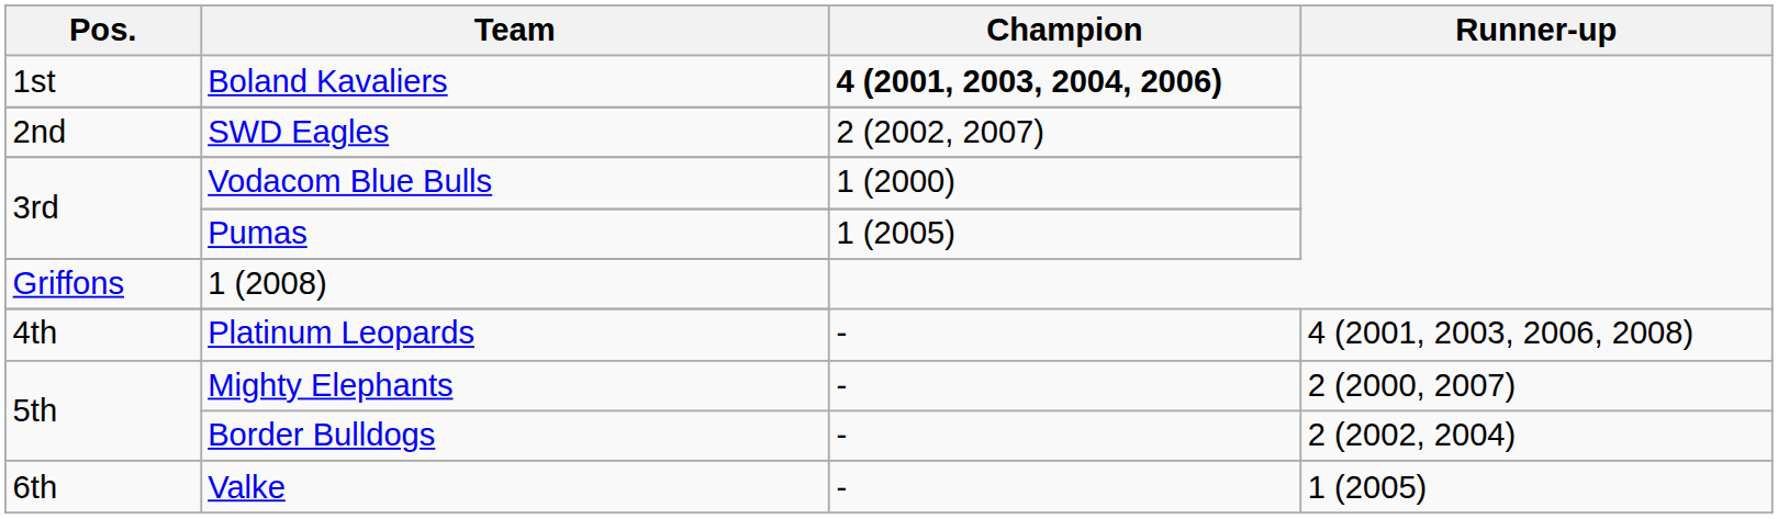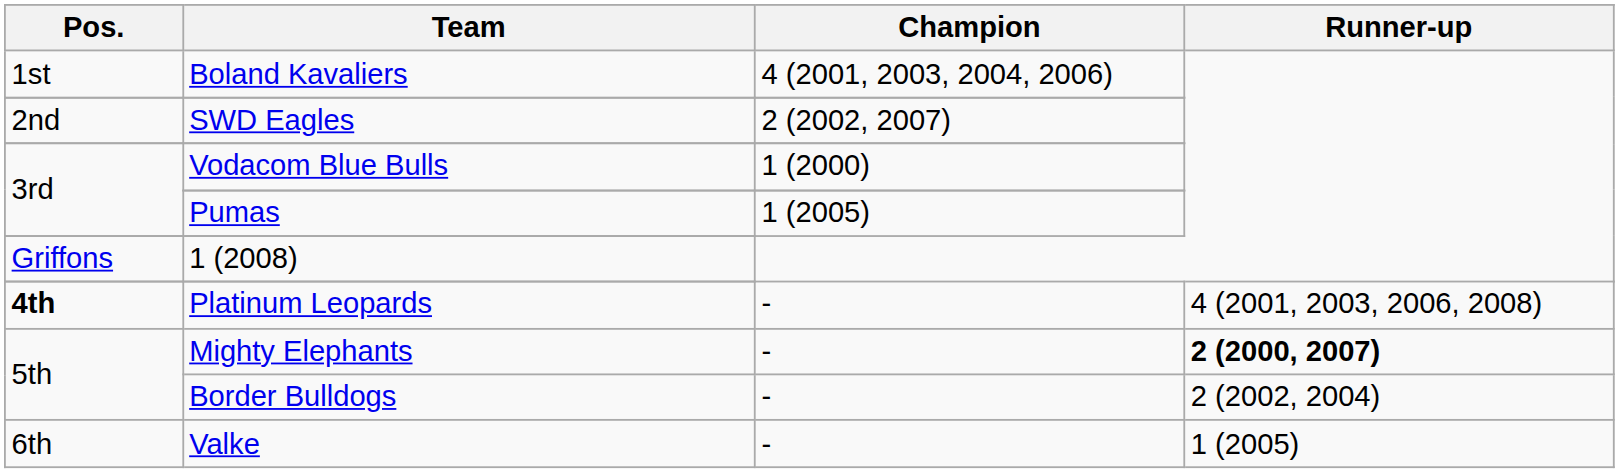 <table class = "wikitable" width=70%>
 <tr>
 <th width=5%>Pos.</th>
 <th width=20%>Team</th>
 <th width=15%>Champion</th>
 <th width=15%>Runner-up</th>
 </tr>
 <tr>
 <td>1st</td>
 <td><a href='#'>Boland Kavaliers</a></td>
-<td><strong>4  (2001, 2003, 2004, 2006)</strong></td>
+<td>4  (2001, 2003, 2004, 2006)</td>
 </tr>
 <tr>
 </tr>
 <tr>
 <td>2nd</td>
 <td><a href='#'>SWD Eagles</a></td>
 <td>2 (2002, 2007)</td>
 </tr>
 <tr>
 </tr>
 <tr>
 <td rowspan=3>3rd</td>
 <td><a href='#'>Vodacom Blue Bulls</a></td>
 <td>1 (2000)</td>
 </tr>
 <tr>
 </tr>
 <tr>
 <td><a href='#'>Pumas</a></td>
 <td>1 (2005)</td>
 </tr>
 <tr>
 </tr>
 <tr>
 <td><a href='#'>Griffons</a></td>
 <td>1 (2008)</td>
 </tr>
 <tr>
 </tr>
 <tr>
-<td>4th</td>
+<td><strong>4th</strong></td>
 <td><a href='#'>Platinum Leopards</a></td>
 <td>-</td>
 <td>4 (2001, 2003, 2006, 2008)</td>
 </tr>
 <tr>
 <td rowspan=2>5th</td>
 <td><a href='#'>Mighty Elephants</a></td>
 <td>-</td>
-<td>2 (2000, 2007)</td>
+<td><strong>2 (2000, 2007)</strong></td>
 </tr>
 <tr>
 <td><a href='#'>Border Bulldogs</a></td>
 <td>-</td>
 <td>2 (2002, 2004)</td>
 </tr>
 <tr>
 <td>6th</td>
 <td><a href='#'>Valke</a></td>
 <td>-</td>
 <td>1 (2005)</td>
 </tr>
 </table>
